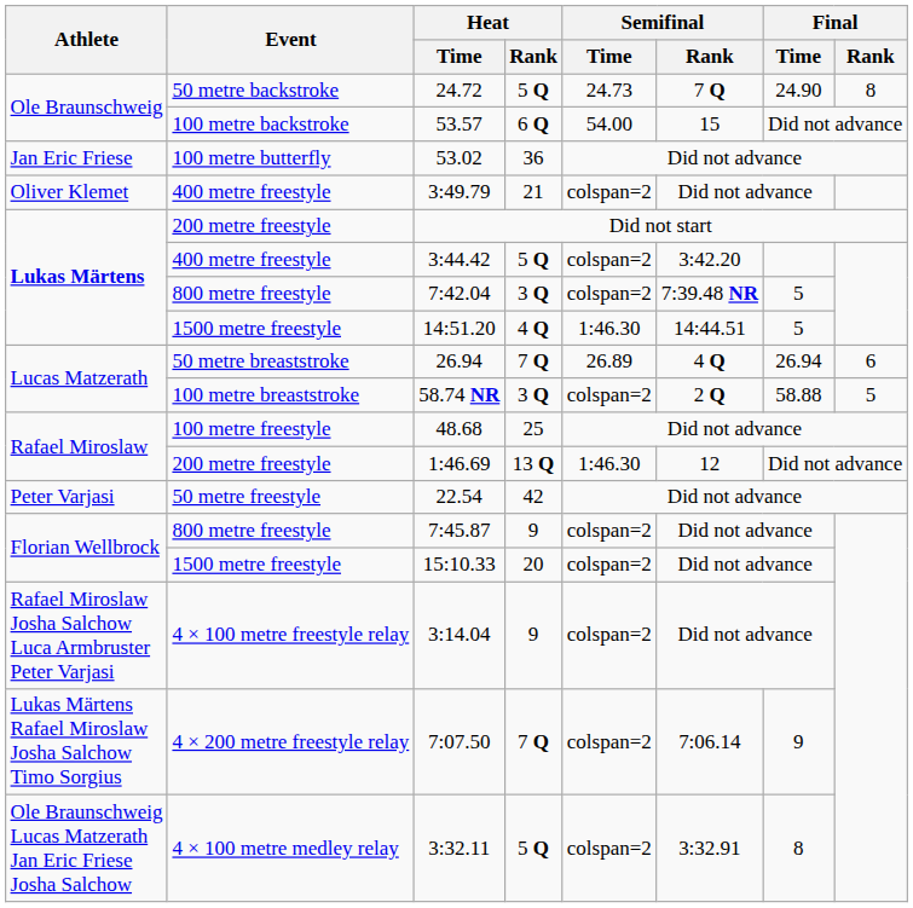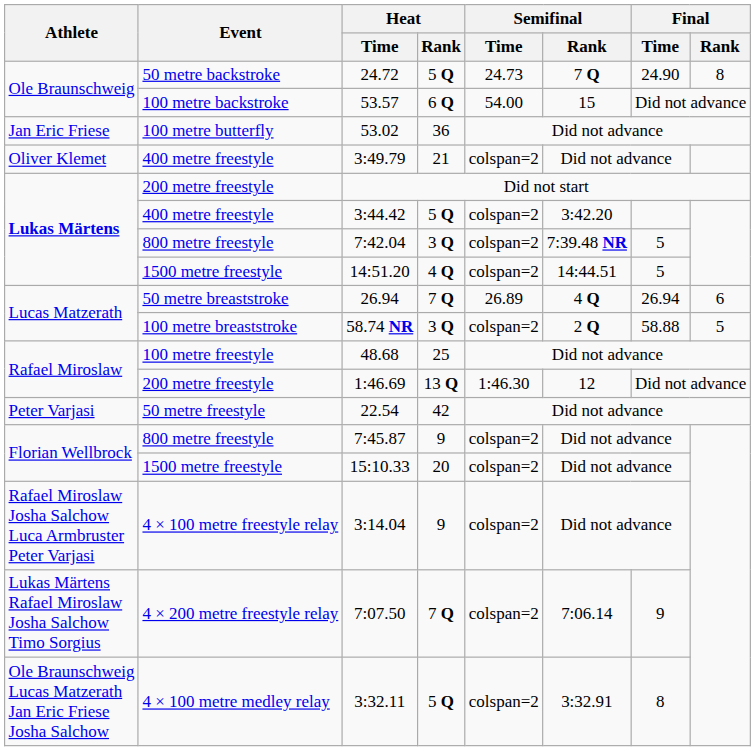 <table class="wikitable" style="font-size:90%;">
 <tr>
 <th rowspan="2">Athlete</th>
 <th rowspan="2">Event</th>
 <th colspan="2">Heat</th>
 <th colspan="2">Semifinal</th>
 <th colspan="2">Final</th>
 </tr>
 <tr>
 <th>Time</th>
 <th>Rank</th>
 <th>Time</th>
 <th>Rank</th>
 <th>Time</th>
 <th>Rank</th>
 </tr>
 <tr align=center>
 <td align=left rowspan=2><a href='#'>Ole Braunschweig</a></td>
 <td align=left><a href='#'>50 metre backstroke</a></td>
 <td>24.72</td>
 <td>5 <strong>Q</strong></td>
 <td>24.73</td>
 <td>7 <strong>Q</strong></td>
 <td>24.90</td>
 <td>8</td>
 </tr>
 <tr align=center>
 <td align=left><a href='#'>100 metre backstroke</a></td>
 <td>53.57</td>
 <td>6 <strong>Q</strong></td>
 <td>54.00</td>
 <td>15</td>
 <td colspan=2>Did not advance</td>
 </tr>
 <tr align=center>
 <td align=left><a href='#'>Jan Eric Friese</a></td>
 <td align=left><a href='#'>100 metre butterfly</a></td>
 <td>53.02</td>
 <td>36</td>
 <td colspan=4>Did not advance</td>
 </tr>
 <tr align=center>
 <td align=left><a href='#'>Oliver Klemet</a></td>
 <td align=left><a href='#'>400 metre freestyle</a></td>
 <td>3:49.79</td>
 <td>21</td>
 <td>colspan=2</td>
 <td colspan=2>Did not advance</td>
 </tr>
 <tr align=center>
 <td align=left rowspan=4><strong><a href='#'>Lukas Märtens</a></strong></td>
 <td align=left><a href='#'>200 metre freestyle</a></td>
 <td colspan=6>Did not start</td>
 </tr>
 <tr align=center>
 <td align=left><a href='#'>400 metre freestyle</a></td>
 <td>3:44.42</td>
 <td>5 <strong>Q</strong></td>
 <td>colspan=2</td>
 <td>3:42.20</td>
 <td></td>
 </tr>
 <tr align=center>
 <td align=left><a href='#'>800 metre freestyle</a></td>
 <td>7:42.04</td>
 <td>3 <strong>Q</strong></td>
 <td>colspan=2</td>
 <td>7:39.48 <strong><a href='#'>NR</a></strong></td>
 <td>5</td>
 </tr>
 <tr align=center>
 <td align=left><a href='#'>1500 metre freestyle</a></td>
 <td>14:51.20</td>
 <td>4 <strong>Q</strong></td>
-<td>1:46.30</td>
+<td>colspan=2</td>
 <td>14:44.51</td>
 <td>5</td>
 </tr>
 <tr align=center>
 <td align=left rowspan=2><a href='#'>Lucas Matzerath</a></td>
 <td align=left><a href='#'>50 metre breaststroke</a></td>
 <td>26.94</td>
 <td>7 <strong>Q</strong></td>
 <td>26.89</td>
 <td>4 <strong>Q</strong></td>
 <td>26.94</td>
 <td>6</td>
 </tr>
 <tr align=center>
 <td align=left><a href='#'>100 metre breaststroke</a></td>
 <td>58.74 <strong><a href='#'>NR</a></strong></td>
 <td>3 <strong>Q</strong></td>
 <td>colspan=2</td>
 <td>2 <strong>Q</strong></td>
 <td>58.88</td>
 <td>5</td>
 </tr>
 <tr align=center>
 <td align=left rowspan=2><a href='#'>Rafael Miroslaw</a></td>
 <td align=left><a href='#'>100 metre freestyle</a></td>
 <td>48.68</td>
 <td>25</td>
 <td colspan=4>Did not advance</td>
 </tr>
 <tr align=center>
 <td align=left><a href='#'>200 metre freestyle</a></td>
 <td>1:46.69</td>
 <td>13 <strong>Q</strong></td>
 <td>1:46.30</td>
 <td>12</td>
 <td colspan=2>Did not advance</td>
 </tr>
 <tr align=center>
 <td align=left><a href='#'>Peter Varjasi</a></td>
 <td align=left><a href='#'>50 metre freestyle</a></td>
 <td>22.54</td>
 <td>42</td>
 <td colspan=4>Did not advance</td>
 </tr>
 <tr align=center>
 <td align=left rowspan=2><a href='#'>Florian Wellbrock</a></td>
 <td align=left><a href='#'>800 metre freestyle</a></td>
 <td>7:45.87</td>
 <td>9</td>
 <td>colspan=2</td>
 <td colspan=2>Did not advance</td>
 </tr>
 <tr align=center>
 <td align=left><a href='#'>1500 metre freestyle</a></td>
 <td>15:10.33</td>
 <td>20</td>
 <td>colspan=2</td>
 <td colspan=2>Did not advance</td>
 </tr>
 <tr align=center>
 <td align=left><a href='#'>Rafael Miroslaw</a><br><a href='#'>Josha Salchow</a><br><a href='#'>Luca Armbruster</a><br><a href='#'>Peter Varjasi</a></td>
 <td align=left><a href='#'>4 × 100 metre freestyle relay</a></td>
 <td>3:14.04</td>
 <td>9</td>
 <td>colspan=2</td>
 <td colspan=2>Did not advance</td>
 </tr>
 <tr align=center>
 <td align=left><a href='#'>Lukas Märtens</a><br><a href='#'>Rafael Miroslaw</a><br><a href='#'>Josha Salchow</a><br><a href='#'>Timo Sorgius</a></td>
 <td align=left><a href='#'>4 × 200 metre freestyle relay</a></td>
 <td>7:07.50</td>
 <td>7 <strong>Q</strong></td>
 <td>colspan=2</td>
 <td>7:06.14</td>
 <td>9</td>
 </tr>
 <tr align=center>
 <td align=left><a href='#'>Ole Braunschweig</a><br><a href='#'>Lucas Matzerath</a><br><a href='#'>Jan Eric Friese</a><br><a href='#'>Josha Salchow</a></td>
 <td align=left><a href='#'>4 × 100 metre medley relay</a></td>
 <td>3:32.11</td>
 <td>5 <strong>Q</strong></td>
 <td>colspan=2</td>
 <td>3:32.91</td>
 <td>8</td>
 </tr>
 </table>
